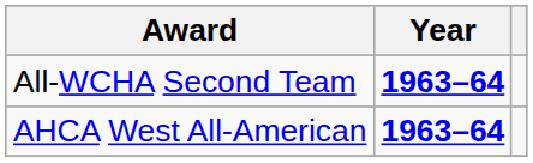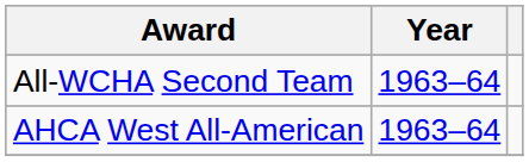 <table class="wikitable">
 <tr>
 <th>Award</th>
 <th>Year</th>
 <th></th>
 </tr>
 <tr>
 <td>All-<a href='#'>WCHA</a> <a href='#'>Second Team</a></td>
-<td><strong><a href='#'>1963–64</a></strong></td>
+<td><a href='#'>1963–64</a></td>
 <td></td>
 </tr>
 <tr>
 <td><a href='#'>AHCA</a> <a href='#'>West All-American</a></td>
-<td><strong><a href='#'>1963–64</a></strong></td>
+<td><a href='#'>1963–64</a></td>
 <td></td>
 </tr>
 <tr>
 </tr>
 </table>
